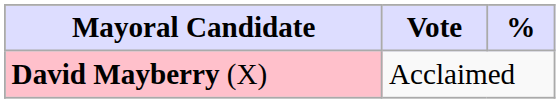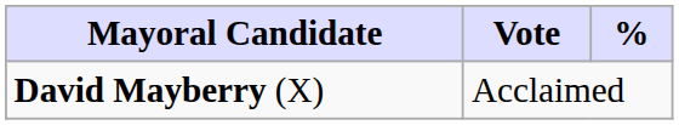 <table class="wikitable">
 <tr>
 <th style="background:#ddf; width:200px;">Mayoral Candidate</th>
 <th style="background:#ddf; width:50px;">Vote</th>
 <th style="background:#ddf; width:30px;">%</th>
 </tr>
 <tr>
-<td style="background: pink;"><strong>David Mayberry</strong> (X)</td>
+<td><strong>David Mayberry</strong> (X)</td>
 <td colspan="2">Acclaimed</td>
 </tr>
 </table>
